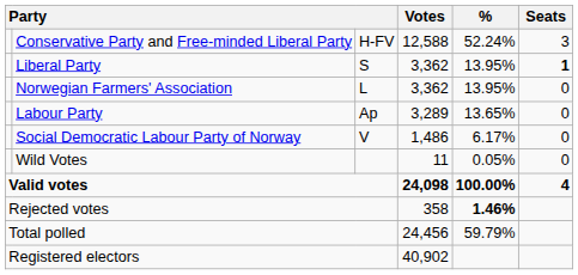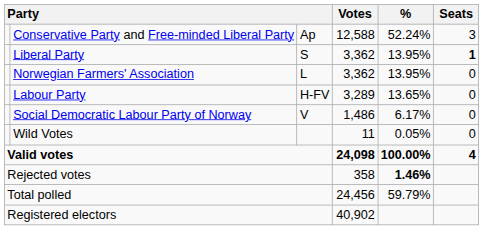 <table class="wikitable" border="1" style="text-align:right;">
 <tr>
 <th style="text-align:left;" colspan=3>Party</th>
 <th align=center width="50">Votes</th>
 <th align=center width="50">%</th>
 <th align=center width="50">Seats</th>
 </tr>
 <tr>
 <td></td>
 <td align=left><a href='#'>Conservative Party</a> and <a href='#'>Free-minded Liberal Party</a></td>
-<td align=left>H-FV</td>
+<td align=left>Ap</td>
 <td>12,588</td>
 <td>52.24%</td>
 <td>3</td>
 </tr>
 <tr>
 <td style="color:inherit;background:"></td>
 <td align=left><a href='#'>Liberal Party</a></td>
 <td align=left>S</td>
 <td>3,362</td>
 <td>13.95%</td>
 <td><strong>1</strong></td>
 </tr>
 <tr>
 <td style="color:inherit;background:"></td>
 <td align=left><a href='#'>Norwegian Farmers' Association</a></td>
 <td align=left>L</td>
 <td>3,362</td>
 <td>13.95%</td>
 <td>0</td>
 </tr>
 <tr>
 <td style="color:inherit;background:"></td>
 <td align=left><a href='#'>Labour Party</a></td>
-<td align=left>Ap</td>
+<td align=left>H-FV</td>
 <td>3,289</td>
 <td>13.65%</td>
 <td>0</td>
 </tr>
 <tr>
 <td style="color:inherit;background:"></td>
 <td align=left><a href='#'>Social Democratic Labour Party of Norway</a></td>
 <td align=left>V</td>
 <td>1,486</td>
 <td>6.17%</td>
 <td>0</td>
 </tr>
 <tr>
 <td></td>
 <td align=left>Wild Votes</td>
 <td align=left></td>
 <td>11</td>
 <td>0.05%</td>
 <td>0</td>
 </tr>
 <tr style="font-weight:bold">
 <td align=left colspan=3>Valid votes</td>
 <td>24,098</td>
 <td>100.00%</td>
 <td>4</td>
 </tr>
 <tr>
 <td align=left colspan=3>Rejected votes</td>
 <td>358</td>
 <td><strong>1.46%</strong></td>
 <td></td>
 </tr>
 <tr>
 <td align=left colspan=3>Total polled</td>
 <td>24,456</td>
 <td>59.79%</td>
 <td></td>
 </tr>
 <tr>
 <td align=left colspan=3>Registered electors</td>
 <td>40,902</td>
 <td></td>
 <td></td>
 </tr>
 </table>
